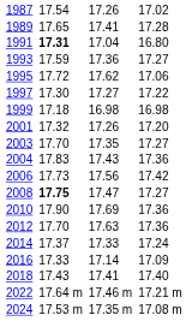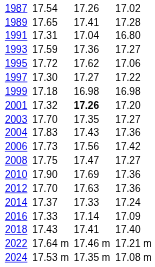 <table>
 <tr valign="top">
 <td><a href='#'>1987</a><br></td>
 <td></td>
 <td>17.54</td>
 <td></td>
 <td>17.26</td>
 <td></td>
 <td>17.02</td>
 </tr>
 <tr valign="top">
 <td><a href='#'>1989</a><br></td>
 <td></td>
 <td>17.65 </td>
 <td></td>
 <td>17.41 </td>
 <td></td>
 <td>17.28 </td>
 </tr>
 <tr valign="top">
 <td><a href='#'>1991</a><br></td>
 <td></td>
-<td><strong>17.31</strong></td>
+<td>17.31</td>
 <td></td>
 <td>17.04</td>
 <td></td>
 <td>16.80</td>
 </tr>
 <tr valign="top">
 <td><a href='#'>1993</a><br></td>
 <td></td>
 <td>17.59 </td>
 <td></td>
 <td>17.36</td>
 <td></td>
 <td>17.27 </td>
 </tr>
 <tr valign="top">
 <td><a href='#'>1995</a><br></td>
 <td></td>
 <td>17.72 </td>
 <td></td>
 <td>17.62 </td>
 <td></td>
 <td>17.06</td>
 </tr>
 <tr valign="top">
 <td><a href='#'>1997</a><br></td>
 <td></td>
 <td>17.30 </td>
 <td></td>
 <td>17.27 </td>
 <td></td>
 <td>17.22  </td>
 </tr>
 <tr valign="top">
 <td><a href='#'>1999</a><br></td>
 <td></td>
 <td>17.18 </td>
 <td></td>
 <td>16.98 </td>
 <td></td>
 <td>16.98</td>
 </tr>
 <tr valign="top">
 <td><a href='#'>2001</a><br></td>
 <td></td>
 <td>17.32 </td>
 <td></td>
-<td>17.26</td>
+<td><strong>17.26</strong></td>
 <td></td>
 <td>17.20 </td>
 </tr>
 <tr valign="top">
 <td><a href='#'>2003</a><br></td>
 <td></td>
 <td>17.70 </td>
 <td></td>
 <td>17.35 </td>
 <td></td>
 <td>17.27 </td>
 </tr>
 <tr valign="top">
 <td><a href='#'>2004</a><br></td>
 <td></td>
 <td>17.83 </td>
 <td></td>
 <td>17.43</td>
 <td></td>
 <td>17.36</td>
 </tr>
 <tr valign="top">
 <td><a href='#'>2006</a><br></td>
 <td></td>
 <td>17.73 </td>
 <td></td>
 <td>17.56 </td>
 <td></td>
 <td>17.42 </td>
 </tr>
 <tr valign="top">
 <td><a href='#'>2008</a><br></td>
 <td></td>
-<td><strong>17.75 </strong></td>
+<td>17.75 </td>
 <td></td>
 <td>17.47 </td>
 <td></td>
 <td>17.27</td>
 </tr>
 <tr valign="top">
 <td><a href='#'>2010</a><br></td>
 <td></td>
 <td>17.90 </td>
 <td></td>
 <td>17.69 </td>
 <td></td>
 <td>17.36 </td>
 </tr>
 <tr valign="top">
 <td><a href='#'>2012</a><br></td>
 <td></td>
 <td>17.70 </td>
 <td></td>
 <td>17.63 </td>
 <td></td>
 <td>17.36 </td>
 </tr>
 <tr valign="top">
 <td><a href='#'>2014</a><br></td>
 <td></td>
 <td>17.37 </td>
 <td></td>
 <td>17.33</td>
 <td></td>
 <td>17.24</td>
 </tr>
 <tr valign="top">
 <td><a href='#'>2016</a><br></td>
 <td></td>
 <td>17.33</td>
 <td></td>
 <td>17.14 </td>
 <td></td>
 <td>17.09 </td>
 </tr>
 <tr valign="top">
 <td><a href='#'>2018</a><br></td>
 <td></td>
 <td>17.43 </td>
 <td></td>
 <td>17.41 </td>
 <td></td>
 <td>17.40 </td>
 </tr>
 <tr valign="top">
 <td><a href='#'>2022</a><br></td>
 <td></td>
 <td>17.64 m </td>
 <td></td>
 <td>17.46 m </td>
 <td></td>
 <td>17.21 m </td>
 </tr>
 <tr valign="top">
 <td><a href='#'>2024</a><br></td>
 <td></td>
 <td>17.53 m</td>
 <td></td>
 <td>17.35 m</td>
 <td></td>
 <td>17.08 m</td>
 </tr>
 </table>
